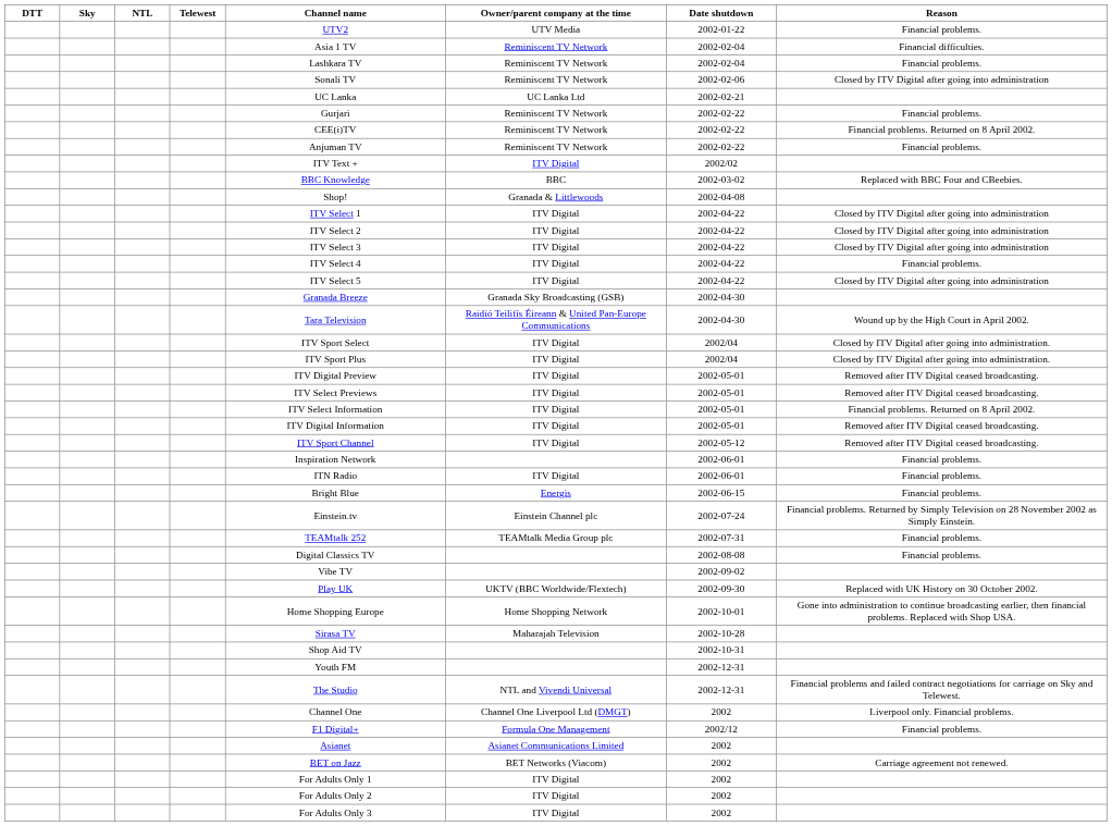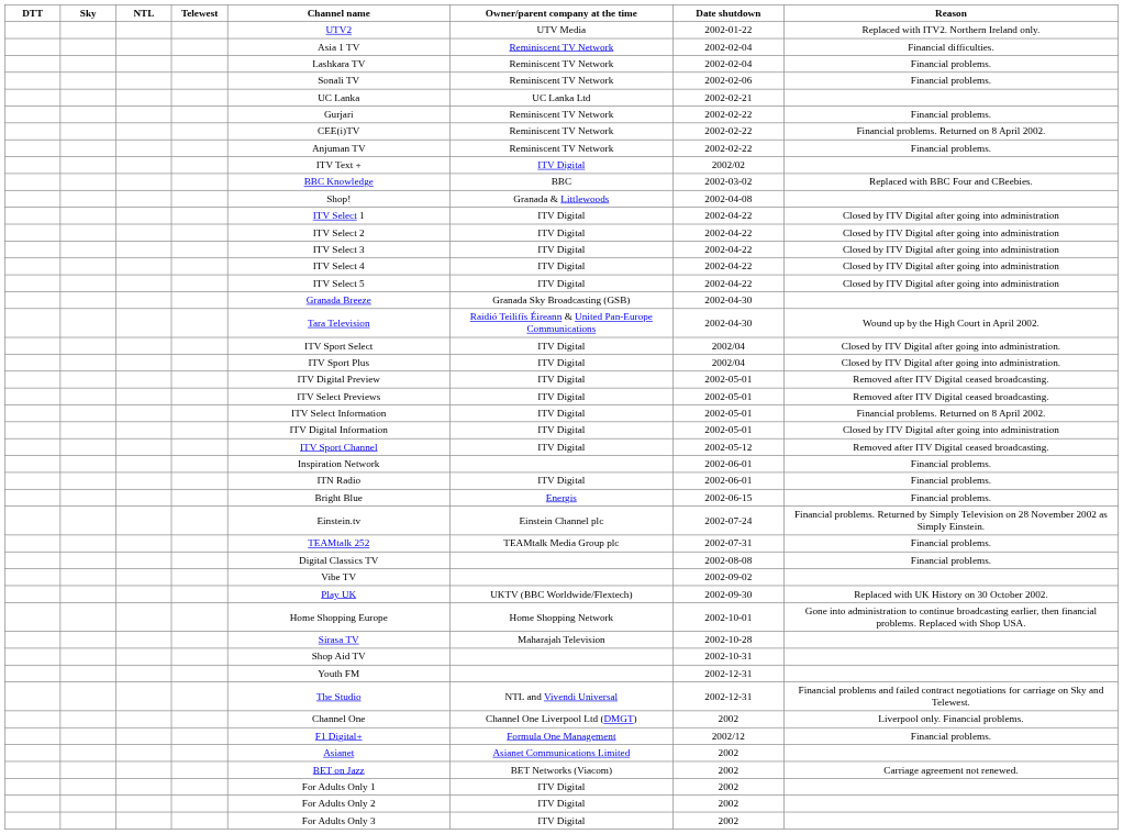 <table class="toccolors sortable" border="1" cellpadding="3" style="border-collapse:collapse; font-size: 90%; text-align:center" width="100%">
 <tr>
 <th width="5%">DTT</th>
 <th width="5%">Sky</th>
 <th width="5%">NTL</th>
 <th width="5%">Telewest</th>
 <th width="20%">Channel name</th>
 <th width="20%">Owner/parent company at the time</th>
 <th width="10%">Date shutdown </th>
 <th width="30%">Reason</th>
 </tr>
 <tr>
 <td></td>
 <td></td>
 <td></td>
 <td></td>
 <td><a href='#'>UTV2</a></td>
 <td>UTV Media</td>
 <td>2002-01-22</td>
-<td>Financial problems.</td>
+<td>Replaced with ITV2. Northern Ireland only.</td>
 </tr>
 <tr>
 <td></td>
 <td></td>
 <td></td>
 <td></td>
 <td>Asia 1 TV</td>
 <td><a href='#'>Reminiscent TV Network</a></td>
 <td>2002-02-04</td>
 <td>Financial difficulties.</td>
 </tr>
 <tr>
 <td></td>
 <td></td>
 <td></td>
 <td></td>
 <td>Lashkara TV</td>
 <td>Reminiscent TV Network</td>
 <td>2002-02-04</td>
 <td>Financial problems.</td>
 </tr>
 <tr>
 <td></td>
 <td></td>
 <td></td>
 <td></td>
 <td>Sonali TV</td>
 <td>Reminiscent TV Network</td>
 <td>2002-02-06</td>
-<td>Closed by ITV Digital after going into administration</td>
+<td>Financial problems.</td>
 </tr>
 <tr>
 <td></td>
 <td></td>
 <td></td>
 <td></td>
 <td>UC Lanka</td>
 <td>UC Lanka Ltd</td>
 <td>2002-02-21</td>
 <td></td>
 </tr>
 <tr>
 <td></td>
 <td></td>
 <td></td>
 <td></td>
 <td>Gurjari</td>
 <td>Reminiscent TV Network</td>
 <td>2002-02-22</td>
 <td>Financial problems.</td>
 </tr>
 <tr>
 <td></td>
 <td></td>
 <td></td>
 <td></td>
 <td>CEE(i)TV</td>
 <td>Reminiscent TV Network</td>
 <td>2002-02-22</td>
 <td>Financial problems. Returned on 8 April 2002.</td>
 </tr>
 <tr>
 <td></td>
 <td></td>
 <td></td>
 <td></td>
 <td>Anjuman TV</td>
 <td>Reminiscent TV Network</td>
 <td>2002-02-22</td>
 <td>Financial problems.</td>
 </tr>
 <tr>
 <td></td>
 <td></td>
 <td></td>
 <td></td>
 <td>ITV Text +</td>
 <td><a href='#'>ITV Digital</a></td>
 <td>2002/02</td>
 <td></td>
 </tr>
 <tr>
 <td></td>
 <td></td>
 <td></td>
 <td></td>
 <td><a href='#'>BBC Knowledge</a></td>
 <td>BBC</td>
 <td>2002-03-02</td>
 <td>Replaced with BBC Four and CBeebies.</td>
 </tr>
 <tr>
 <td></td>
 <td></td>
 <td></td>
 <td></td>
 <td>Shop!</td>
 <td>Granada & <a href='#'>Littlewoods</a></td>
 <td>2002-04-08</td>
 <td></td>
 </tr>
 <tr>
 <td></td>
 <td></td>
 <td></td>
 <td></td>
 <td><a href='#'>ITV Select</a> 1</td>
 <td>ITV Digital</td>
 <td>2002-04-22</td>
 <td>Closed by ITV Digital after going into administration</td>
 </tr>
 <tr>
 <td></td>
 <td></td>
 <td></td>
 <td></td>
 <td>ITV Select 2</td>
 <td>ITV Digital</td>
 <td>2002-04-22</td>
 <td>Closed by ITV Digital after going into administration</td>
 </tr>
 <tr>
 <td></td>
 <td></td>
 <td></td>
 <td></td>
 <td>ITV Select 3</td>
 <td>ITV Digital</td>
 <td>2002-04-22</td>
 <td>Closed by ITV Digital after going into administration</td>
 </tr>
 <tr>
 <td></td>
 <td></td>
 <td></td>
 <td></td>
 <td>ITV Select 4</td>
 <td>ITV Digital</td>
 <td>2002-04-22</td>
-<td>Financial problems.</td>
+<td>Closed by ITV Digital after going into administration</td>
 </tr>
 <tr>
 <td></td>
 <td></td>
 <td></td>
 <td></td>
 <td>ITV Select 5</td>
 <td>ITV Digital</td>
 <td>2002-04-22</td>
 <td>Closed by ITV Digital after going into administration</td>
 </tr>
 <tr>
 <td></td>
 <td></td>
 <td></td>
 <td></td>
 <td><a href='#'>Granada Breeze</a></td>
 <td>Granada Sky Broadcasting (GSB)</td>
 <td>2002-04-30</td>
 <td></td>
 </tr>
 <tr>
 <td></td>
 <td></td>
 <td></td>
 <td></td>
 <td><a href='#'>Tara Television</a></td>
 <td><a href='#'>Raidió Teilifís Éireann</a> & <a href='#'>United Pan-Europe Communications</a></td>
 <td>2002-04-30</td>
 <td>Wound up by the High Court in April 2002.</td>
 </tr>
 <tr>
 <td></td>
 <td></td>
 <td></td>
 <td></td>
 <td>ITV Sport Select</td>
 <td>ITV Digital</td>
 <td>2002/04</td>
 <td>Closed by ITV Digital after going into administration.</td>
 </tr>
 <tr>
 <td></td>
 <td></td>
 <td></td>
 <td></td>
 <td>ITV Sport Plus</td>
 <td>ITV Digital</td>
 <td>2002/04</td>
 <td>Closed by ITV Digital after going into administration.</td>
 </tr>
 <tr>
 <td></td>
 <td></td>
 <td></td>
 <td></td>
 <td>ITV Digital Preview</td>
 <td>ITV Digital</td>
 <td>2002-05-01</td>
 <td>Removed after ITV Digital ceased broadcasting.</td>
 </tr>
 <tr>
 <td></td>
 <td></td>
 <td></td>
 <td></td>
 <td>ITV Select Previews</td>
 <td>ITV Digital</td>
 <td>2002-05-01</td>
 <td>Removed after ITV Digital ceased broadcasting.</td>
 </tr>
 <tr>
 <td></td>
 <td></td>
 <td></td>
 <td></td>
 <td>ITV Select Information</td>
 <td>ITV Digital</td>
 <td>2002-05-01</td>
 <td>Financial problems. Returned on 8 April 2002.</td>
 </tr>
 <tr>
 <td></td>
 <td></td>
 <td></td>
 <td></td>
 <td>ITV Digital Information</td>
 <td>ITV Digital</td>
 <td>2002-05-01</td>
-<td>Removed after ITV Digital ceased broadcasting.</td>
+<td>Closed by ITV Digital after going into administration</td>
 </tr>
 <tr>
 <td></td>
 <td></td>
 <td></td>
 <td></td>
 <td><a href='#'>ITV Sport Channel</a></td>
 <td>ITV Digital</td>
 <td>2002-05-12</td>
 <td>Removed after ITV Digital ceased broadcasting.</td>
 </tr>
 <tr>
 <td></td>
 <td></td>
 <td></td>
 <td></td>
 <td>Inspiration Network</td>
 <td></td>
 <td>2002-06-01</td>
 <td>Financial problems.</td>
 </tr>
 <tr>
 <td></td>
 <td></td>
 <td></td>
 <td></td>
 <td>ITN Radio</td>
 <td>ITV Digital</td>
 <td>2002-06-01</td>
 <td>Financial problems.</td>
 </tr>
 <tr>
 <td></td>
 <td></td>
 <td></td>
 <td></td>
 <td>Bright Blue</td>
 <td><a href='#'>Energis</a></td>
 <td>2002-06-15</td>
 <td>Financial problems. </td>
 </tr>
 <tr>
 <td></td>
 <td></td>
 <td></td>
 <td></td>
 <td>Einstein.tv</td>
 <td>Einstein Channel plc</td>
 <td>2002-07-24</td>
 <td>Financial problems. Returned by Simply Television on 28 November 2002 as Simply Einstein.</td>
 </tr>
 <tr>
 <td></td>
 <td></td>
 <td></td>
 <td></td>
 <td><a href='#'>TEAMtalk 252</a></td>
 <td>TEAMtalk Media Group plc</td>
 <td>2002-07-31</td>
 <td>Financial problems.</td>
 </tr>
 <tr>
 <td></td>
 <td></td>
 <td></td>
 <td></td>
 <td>Digital Classics TV</td>
 <td></td>
 <td>2002-08-08</td>
 <td>Financial problems.</td>
 </tr>
 <tr>
 <td></td>
 <td></td>
 <td></td>
 <td></td>
 <td>Vibe TV</td>
 <td></td>
 <td>2002-09-02</td>
 <td></td>
 </tr>
 <tr>
 <td></td>
 <td></td>
 <td></td>
 <td></td>
 <td><a href='#'>Play UK</a></td>
 <td>UKTV (BBC Worldwide/Flextech)</td>
 <td>2002-09-30</td>
 <td>Replaced with UK History on 30 October 2002.</td>
 </tr>
 <tr>
 <td></td>
 <td></td>
 <td></td>
 <td></td>
 <td>Home Shopping Europe</td>
 <td>Home Shopping Network</td>
 <td>2002-10-01</td>
 <td>Gone into administration to continue broadcasting earlier, then financial problems. Replaced with Shop USA.</td>
 </tr>
 <tr>
 <td></td>
 <td></td>
 <td></td>
 <td></td>
 <td><a href='#'>Sirasa TV</a></td>
 <td>Maharajah Television</td>
 <td>2002-10-28</td>
 <td></td>
 </tr>
 <tr>
 <td></td>
 <td></td>
 <td></td>
 <td></td>
 <td>Shop Aid TV</td>
 <td></td>
 <td>2002-10-31</td>
 <td></td>
 </tr>
 <tr>
 <td></td>
 <td></td>
 <td></td>
 <td></td>
 <td>Youth FM</td>
 <td></td>
 <td>2002-12-31</td>
 <td></td>
 </tr>
 <tr>
 <td></td>
 <td></td>
 <td></td>
 <td></td>
 <td><a href='#'>The Studio</a></td>
 <td>NTL and <a href='#'>Vivendi Universal</a></td>
 <td>2002-12-31</td>
 <td>Financial problems and failed contract negotiations for carriage on Sky and Telewest.</td>
 </tr>
 <tr>
 <td></td>
 <td></td>
 <td></td>
 <td></td>
 <td>Channel One</td>
 <td>Channel One Liverpool Ltd (<a href='#'>DMGT</a>)</td>
 <td>2002</td>
 <td>Liverpool only. Financial problems.</td>
 </tr>
 <tr>
 <td></td>
 <td></td>
 <td></td>
 <td></td>
 <td><a href='#'>F1 Digital+</a></td>
 <td><a href='#'>Formula One Management</a></td>
 <td>2002/12</td>
 <td>Financial problems.</td>
 </tr>
 <tr>
 <td></td>
 <td></td>
 <td></td>
 <td></td>
 <td><a href='#'>Asianet</a></td>
 <td><a href='#'>Asianet Communications Limited</a></td>
 <td>2002</td>
 <td></td>
 </tr>
 <tr>
 <td></td>
 <td></td>
 <td></td>
 <td></td>
 <td><a href='#'>BET on Jazz</a></td>
 <td>BET Networks (Viacom)</td>
 <td>2002</td>
 <td>Carriage agreement not renewed.</td>
 </tr>
 <tr>
 <td></td>
 <td></td>
 <td></td>
 <td></td>
 <td>For Adults Only 1</td>
 <td>ITV Digital</td>
 <td>2002</td>
 <td></td>
 </tr>
 <tr>
 <td></td>
 <td></td>
 <td></td>
 <td></td>
 <td>For Adults Only 2</td>
 <td>ITV Digital</td>
 <td>2002</td>
 <td></td>
 </tr>
 <tr>
 <td></td>
 <td></td>
 <td></td>
 <td></td>
 <td>For Adults Only 3</td>
 <td>ITV Digital</td>
 <td>2002</td>
 <td></td>
 </tr>
 </table>
